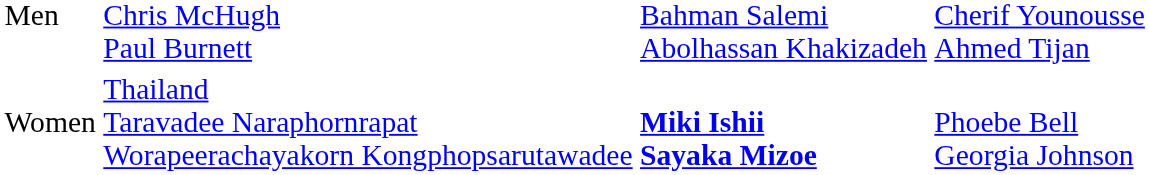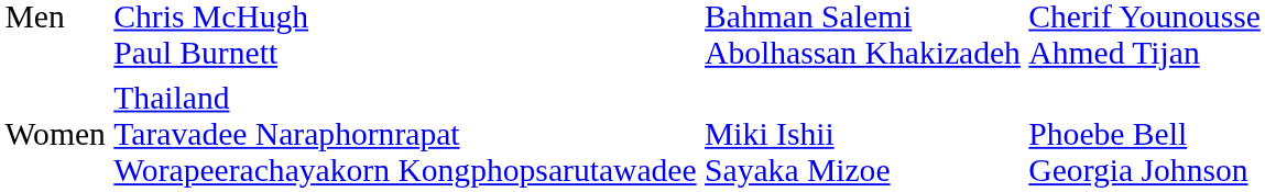 <table>
 <tr>
 <td>Men</td>
 <td><br><a href='#'>Chris McHugh</a><br><a href='#'>Paul Burnett</a></td>
 <td><br><a href='#'>Bahman Salemi</a><br><a href='#'>Abolhassan Khakizadeh</a></td>
 <td><br><a href='#'>Cherif Younousse</a><br><a href='#'>Ahmed Tijan</a></td>
 </tr>
 <tr>
 <td>Women</td>
 <td> <a href='#'>Thailand</a><br><a href='#'>Taravadee Naraphornrapat</a><br><a href='#'>Worapeerachayakorn Kongphopsarutawadee</a></td>
-<td><strong><br><a href='#'>Miki Ishii</a><br><a href='#'>Sayaka Mizoe</a></strong></td>
+<td><br><a href='#'>Miki Ishii</a><br><a href='#'>Sayaka Mizoe</a></td>
 <td><br><a href='#'>Phoebe Bell</a><br><a href='#'>Georgia Johnson</a></td>
 </tr>
 </table>
